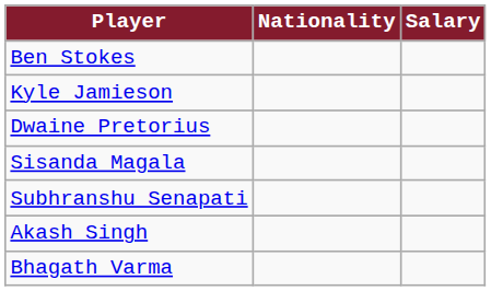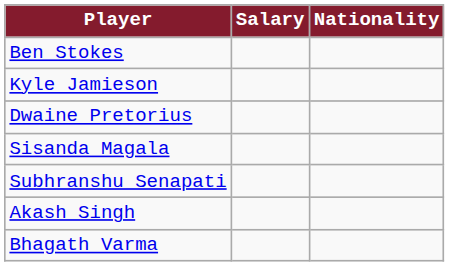 <table class="wikitable" style="font-size:90%;">
 <tr>
 <th style="background: #841B2D;color:white">Player</th>
+<th style="background: #841B2D;color:white">Salary</th>
 <th style="background: #841B2D;color:white">Nationality</th>
-<th style="background: #841B2D;color:white">Salary</th>
 </tr>
 <tr>
 <td><a href='#'>Ben Stokes</a></td>
 <td></td>
 <td></td>
 </tr>
 <tr>
 <td><a href='#'>Kyle Jamieson</a></td>
 <td></td>
 <td></td>
 </tr>
 <tr>
 <td><a href='#'>Dwaine Pretorius</a></td>
 <td></td>
 <td></td>
 </tr>
 <tr>
 <td><a href='#'>Sisanda Magala</a></td>
 <td></td>
 <td></td>
 </tr>
 <tr>
 <td><a href='#'>Subhranshu Senapati</a></td>
 <td></td>
 <td></td>
 </tr>
 <tr>
 <td><a href='#'>Akash Singh</a></td>
 <td></td>
 <td></td>
 </tr>
 <tr>
 <td><a href='#'>Bhagath Varma</a></td>
 <td></td>
 <td></td>
 </tr>
 </table>
